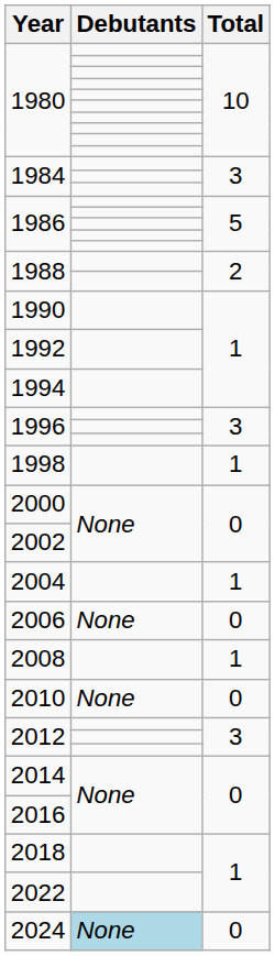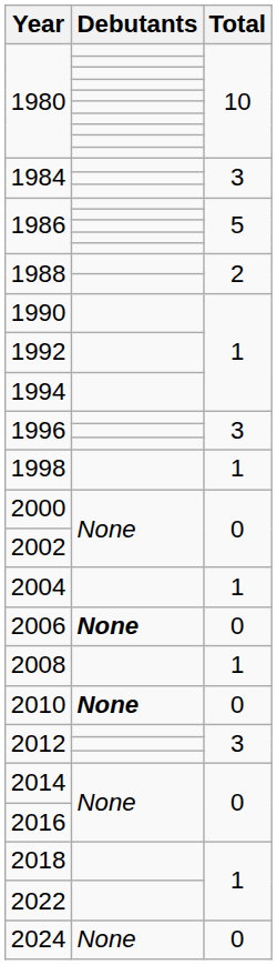 <table class="wikitable">
 <tr>
 <th>Year</th>
 <th>Debutants</th>
 <th>Total</th>
 </tr>
 <tr>
 <td rowspan=10>1980</td>
 <td></td>
 <td rowspan=10 align=center>10</td>
 </tr>
 <tr>
 <td></td>
 </tr>
 <tr>
 <td></td>
 </tr>
 <tr>
 <td></td>
 </tr>
 <tr>
 <td></td>
 </tr>
 <tr>
 <td></td>
 </tr>
 <tr>
 <td></td>
 </tr>
 <tr>
 <td></td>
 </tr>
 <tr>
 <td></td>
 </tr>
 <tr>
 <td></td>
 </tr>
 <tr>
 <td rowspan=3>1984</td>
 <td></td>
 <td rowspan=3 align=center>3</td>
 </tr>
 <tr>
 <td></td>
 </tr>
 <tr>
 <td></td>
 </tr>
 <tr>
 <td rowspan=5>1986</td>
 <td></td>
 <td rowspan=5 align=center>5</td>
 </tr>
 <tr>
 <td></td>
 </tr>
 <tr>
 <td></td>
 </tr>
 <tr>
 <td></td>
 </tr>
 <tr>
 <td></td>
 </tr>
 <tr>
 <td rowspan=2>1988</td>
 <td></td>
 <td rowspan=2 align=center>2</td>
 </tr>
 <tr>
 <td></td>
 </tr>
 <tr>
 <td>1990</td>
 <td></td>
 <td rowspan=3 align=center>1</td>
 </tr>
 <tr>
 <td>1992</td>
 <td></td>
 </tr>
 <tr>
 <td>1994</td>
 <td></td>
 </tr>
 <tr>
 <td rowspan=3>1996</td>
 <td></td>
 <td rowspan=3 align=center>3</td>
 </tr>
 <tr>
 <td></td>
 </tr>
 <tr>
 <td></td>
 </tr>
 <tr>
 <td>1998</td>
 <td></td>
 <td align=center>1</td>
 </tr>
 <tr>
 <td>2000</td>
 <td rowspan=2><em>None</em></td>
 <td rowspan=2 align=center>0</td>
 </tr>
 <tr>
 <td>2002</td>
 </tr>
 <tr>
 <td>2004</td>
 <td></td>
 <td align=center>1</td>
 </tr>
 <tr>
 <td>2006</td>
-<td><em>None</em></td>
+<td><strong><em>None</em></strong></td>
 <td align=center>0</td>
 </tr>
 <tr>
 <td>2008</td>
 <td></td>
 <td align=center>1</td>
 </tr>
 <tr>
 <td>2010</td>
-<td><em>None</em></td>
+<td><strong><em>None</em></strong></td>
 <td align=center>0</td>
 </tr>
 <tr>
 <td rowspan=3>2012</td>
 <td></td>
 <td rowspan=3 align=center>3</td>
 </tr>
 <tr>
 <td></td>
 </tr>
 <tr>
 <td></td>
 </tr>
 <tr>
 <td rowspan=1>2014</td>
 <td rowspan=2><em>None</em></td>
 <td rowspan=2 align=center>0</td>
 </tr>
 <tr>
 <td rowspan=1>2016</td>
 </tr>
 <tr>
 <td rowspan=1>2018</td>
 <td></td>
 <td rowspan=2 align=center>1</td>
 </tr>
 <tr>
 <td rowspan=1>2022</td>
 <td></td>
 </tr>
 <tr>
 <td>2024</td>
-<td style="background: lightblue;"><em>None</em></td>
+<td><em>None</em></td>
 <td align=center>0</td>
 </tr>
 </table>
